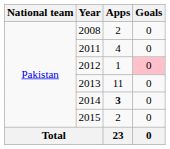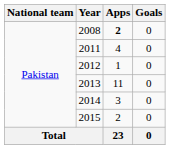 <table class="wikitable" style="text-align:center">
 <tr>
 <th>National team</th>
 <th>Year</th>
 <th>Apps</th>
 <th>Goals</th>
 </tr>
 <tr>
 <td rowspan="6"><a href='#'>Pakistan</a></td>
 <td>2008</td>
-<td>2</td>
+<td><strong>2</strong></td>
 <td>0</td>
 </tr>
 <tr>
 <td>2011</td>
 <td>4</td>
 <td>0</td>
 </tr>
 <tr>
 <td>2012</td>
 <td>1</td>
-<td style="background: pink;">0</td>
+<td>0</td>
 </tr>
 <tr>
 <td>2013</td>
 <td>11</td>
 <td>0</td>
 </tr>
 <tr>
 <td>2014</td>
-<td><strong>3</strong></td>
+<td>3</td>
 <td>0</td>
 </tr>
 <tr>
 <td>2015</td>
 <td>2</td>
 <td>0</td>
 </tr>
 <tr>
 <th colspan="2">Total</th>
 <th>23</th>
 <th>0</th>
 </tr>
 </table>
